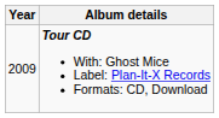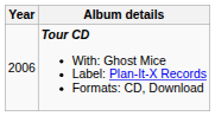 <table class="wikitable" style="text-align:center">
 <tr>
 <th>Year</th>
 <th>Album details</th>
 </tr>
 <tr>
-<td>2009</td>
+<td>2006</td>
 <td align="left"><strong><em>Tour CD</em></strong><br><ul><li>With: Ghost Mice</li><li>Label: <a href='#'>Plan-It-X Records</a></li><li>Formats: CD, Download</li></ul></td>
 </tr>
 </table>
